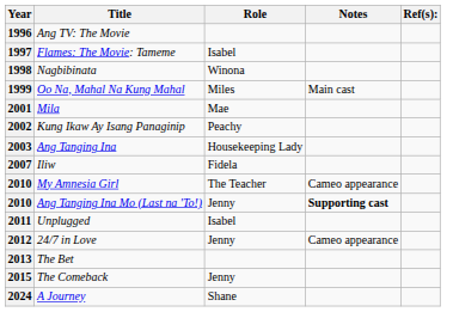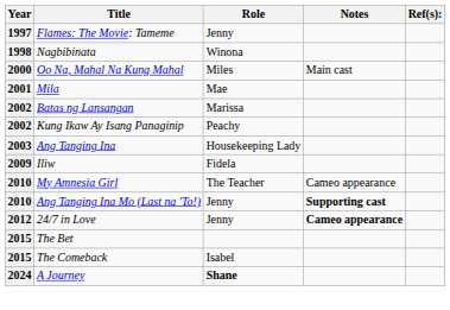 <table class= "wikitable plainrowheaders sortable">
 <tr>
 <th scope="col">Year</th>
 <th scope="col">Title</th>
 <th scope="col">Role</th>
 <th>Notes</th>
 <th>Ref(s):</th>
 </tr>
 <tr>
-<th scope="row">1996</th>
-<td><em>Ang TV: The Movie</em></td>
-<td></td>
-<td></td>
-<td></td>
-</tr>
-<tr>
 <th scope="row">1997</th>
 <td><em><a href='#'>Flames: The Movie</a>: Tameme</em></td>
-<td>Isabel</td>
+<td>Jenny</td>
 <td></td>
 <td></td>
 </tr>
 <tr>
 <th scope="row">1998</th>
 <td><em>Nagbibinata</em></td>
 <td>Winona</td>
 <td></td>
 <td></td>
 </tr>
 <tr>
-<th scope="row">1999</th>
+<th scope="row">2000</th>
 <td><em><a href='#'>Oo Na, Mahal Na Kung Mahal</a></em></td>
 <td>Miles</td>
 <td>Main cast</td>
 <td></td>
 </tr>
 <tr>
 <th scope="row">2001</th>
 <td><em><a href='#'>Mila</a></em></td>
 <td>Mae</td>
+<td></td>
+<td></td>
+</tr>
+<tr>
+<th scope="row">2002</th>
+<td><em><a href='#'>Batas ng Lansangan</a></em></td>
+<td>Marissa</td>
 <td></td>
 <td></td>
 </tr>
 <tr>
 <th scope="row">2002</th>
 <td><em>Kung Ikaw Ay Isang Panaginip</em></td>
 <td>Peachy</td>
 <td></td>
 <td></td>
 </tr>
 <tr>
 <th scope="row">2003</th>
 <td><em><a href='#'>Ang Tanging Ina</a></em></td>
 <td>Housekeeping Lady</td>
 <td></td>
 <td></td>
 </tr>
 <tr>
-<th scope="row">2007</th>
+<th scope="row">2009</th>
 <td><em>Iliw</em></td>
 <td>Fidela</td>
 <td></td>
 <td></td>
 </tr>
 <tr>
 <th scope="row">2010</th>
 <td><em><a href='#'>My Amnesia Girl</a></em></td>
 <td>The Teacher</td>
 <td>Cameo appearance</td>
 <td></td>
 </tr>
 <tr>
 <th scope="row">2010</th>
 <td><em><a href='#'>Ang Tanging Ina Mo (Last na 'To!)</a></em></td>
 <td>Jenny</td>
 <td><strong>Supporting cast</strong></td>
 <td></td>
 </tr>
 <tr>
-<th scope="row">2011</th>
-<td><em>Unplugged</em></td>
-<td>Isabel</td>
-<td></td>
+<th scope="row">2012</th>
+<td><em>24/7 in Love</em></td>
+<td>Jenny</td>
+<td><strong>Cameo appearance</strong></td>
 <td></td>
 </tr>
 <tr>
-<th scope="row">2012</th>
-<td><em>24/7 in Love</em></td>
-<td>Jenny</td>
-<td>Cameo appearance</td>
-<td></td>
-</tr>
-<tr>
-<th scope="row">2013</th>
+<th scope="row">2015</th>
 <td><em>The Bet</em></td>
 <td></td>
 <td></td>
 <td></td>
 </tr>
 <tr>
 <th scope="row">2015</th>
 <td><em>The Comeback</em></td>
-<td>Jenny</td>
+<td>Isabel</td>
 <td></td>
 <td></td>
 </tr>
 <tr>
 <th scope="row">2024</th>
 <td><em><a href='#'>A Journey</a></em></td>
-<td>Shane</td>
+<td><strong>Shane</strong></td>
 <td></td>
 <td></td>
 </tr>
 </table>
